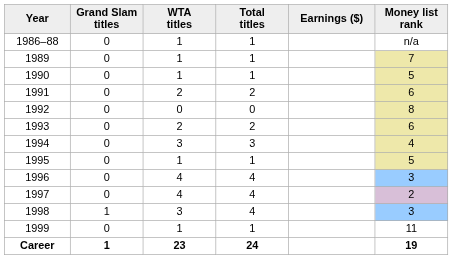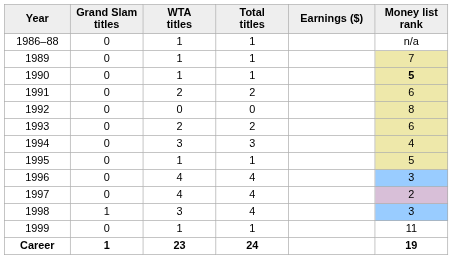 <table cellpadding=3 cellspacing=0 border=1 style=border:#aaa;solid:1px;border-collapse:collapse;text-align:center;>
 <tr style=background:#eee;font-weight:bold>
 <td width="90">Year</td>
 <td width="100">Grand Slam <br>titles</td>
 <td width="100">WTA <br>titles</td>
 <td width="100">Total <br>titles</td>
 <td width="120">Earnings ($)</td>
 <td width="100">Money list rank</td>
 </tr>
 <tr>
 <td align=center>1986–88</td>
 <td align=center>0</td>
 <td align=center>1</td>
 <td align=center>1</td>
 <td align=right></td>
 <td align=center>n/a</td>
 </tr>
 <tr>
 <td align=center>1989</td>
 <td align=center>0</td>
 <td align=center>1</td>
 <td align=center>1</td>
 <td align=right></td>
 <td align=center style=background:#eee8aa>7</td>
 </tr>
 <tr>
 <td align=center>1990</td>
 <td align=center>0</td>
 <td align=center>1</td>
 <td align=center>1</td>
 <td align=right></td>
-<td align=center style=background:#eee8aa>5</td>
+<td align=center style=background:#eee8aa><strong>5</strong></td>
 </tr>
 <tr>
 <td align=center>1991</td>
 <td align=center>0</td>
 <td align=center>2</td>
 <td align=center>2</td>
 <td align=right></td>
 <td align=center style=background:#eee8aa>6</td>
 </tr>
 <tr>
 <td align=center>1992</td>
 <td align=center>0</td>
 <td align=center>0</td>
 <td align=center>0</td>
 <td align=right></td>
 <td align=center style=background:#eee8aa>8</td>
 </tr>
 <tr>
 <td align=center>1993</td>
 <td align=center>0</td>
 <td align=center>2</td>
 <td align=center>2</td>
 <td align=right></td>
 <td align=center style=background:#eee8aa>6</td>
 </tr>
 <tr>
 <td align=center>1994</td>
 <td align=center>0</td>
 <td align=center>3</td>
 <td align=center>3</td>
 <td align=right></td>
 <td align=center style=background:#eee8aa>4</td>
 </tr>
 <tr>
 <td align=center>1995</td>
 <td align=center>0</td>
 <td align=center>1</td>
 <td align=center>1</td>
 <td align=right></td>
 <td align=center style=background:#eee8aa>5</td>
 </tr>
 <tr>
 <td align=center>1996</td>
 <td align=center>0</td>
 <td align=center>4</td>
 <td align=center>4</td>
 <td align=right></td>
 <td align=center style=background:#99ccff>3</td>
 </tr>
 <tr>
 <td align=center>1997</td>
 <td align=center>0</td>
 <td align=center>4</td>
 <td align=center>4</td>
 <td align=right></td>
 <td align=center style=background:thistle>2</td>
 </tr>
 <tr>
 <td align=center>1998</td>
 <td align=center>1</td>
 <td align=center>3</td>
 <td align=center>4</td>
 <td align=right></td>
 <td align=center style=background:#99ccff>3</td>
 </tr>
 <tr>
 <td align=center>1999</td>
 <td align=center>0</td>
 <td align=center>1</td>
 <td align=center>1</td>
 <td align=right></td>
 <td align=center>11</td>
 </tr>
 <tr>
 <th align=center>Career</th>
 <th align=center>1</th>
 <th align=center>23</th>
 <th align=center>24</th>
 <th align=right></th>
 <th align=center>19</th>
 </tr>
 </table>
